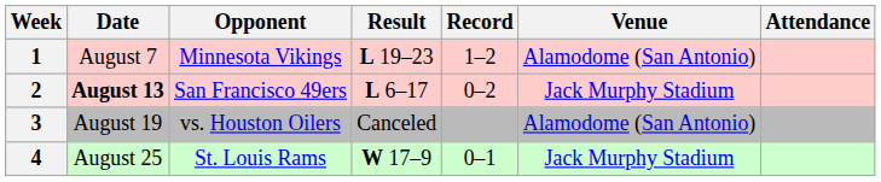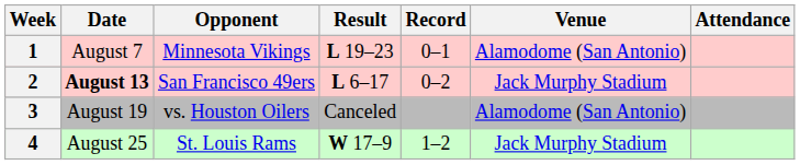 <table class="wikitable" style="text-align:center">
 <tr>
 <th>Week</th>
 <th>Date</th>
 <th>Opponent</th>
 <th>Result</th>
 <th>Record</th>
 <th>Venue</th>
 <th>Attendance</th>
 </tr>
 <tr style="background: #fcc;">
 <th>1</th>
 <td>August 7</td>
 <td><a href='#'>Minnesota Vikings</a></td>
 <td><strong>L</strong> 19–23</td>
-<td>1–2</td>
+<td>0–1</td>
 <td><a href='#'>Alamodome</a> (<a href='#'>San Antonio</a>)</td>
 <td></td>
 </tr>
 <tr style="background: #fcc;">
 <th>2</th>
 <td><strong>August 13</strong></td>
 <td><a href='#'>San Francisco 49ers</a></td>
 <td><strong>L</strong> 6–17</td>
 <td>0–2</td>
 <td><a href='#'>Jack Murphy Stadium</a></td>
 <td></td>
 </tr>
 <tr style="background: #bababa;">
 <th>3</th>
 <td>August 19</td>
 <td>vs. <a href='#'>Houston Oilers</a></td>
 <td>Canceled</td>
 <td></td>
 <td><a href='#'>Alamodome</a> (<a href='#'>San Antonio</a>)</td>
 <td></td>
 </tr>
 <tr style="background: #cfc;">
 <th>4</th>
 <td>August 25</td>
 <td><a href='#'>St. Louis Rams</a></td>
 <td><strong>W</strong> 17–9</td>
-<td>0–1</td>
+<td>1–2</td>
 <td><a href='#'>Jack Murphy Stadium</a></td>
 <td></td>
 </tr>
 </table>
